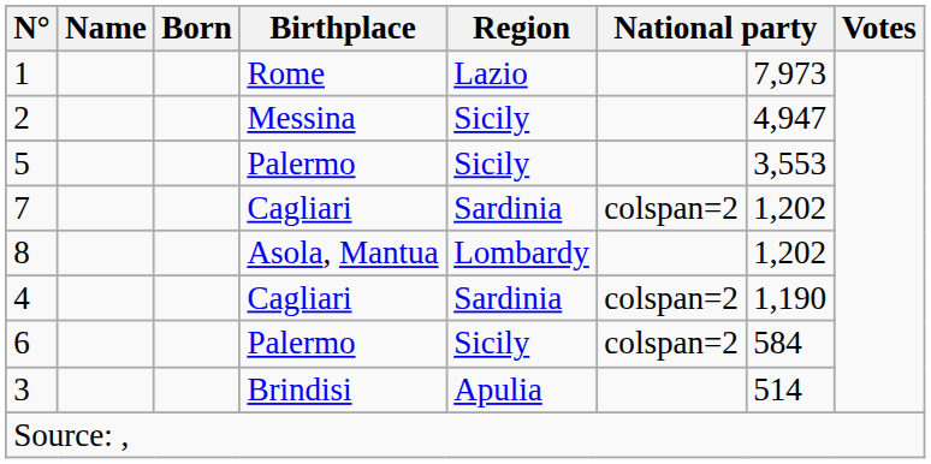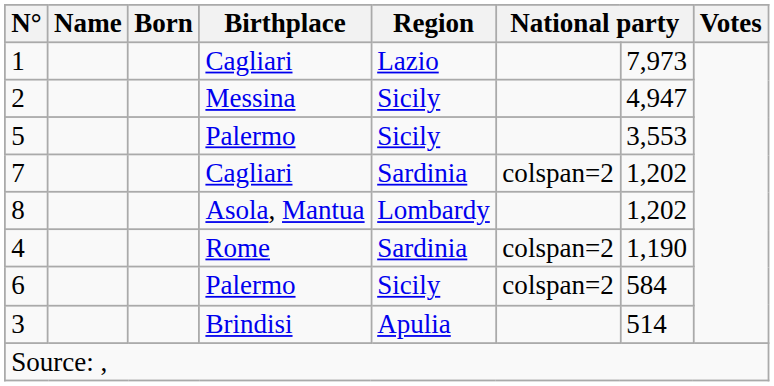 <table class="wikitable sortable" style="font-size:95%;line-height:14px;">
 <tr>
 <th>N°</th>
 <th>Name</th>
 <th>Born</th>
 <th>Birthplace</th>
 <th>Region</th>
 <th colspan="2">National party</th>
 <th>Votes</th>
 </tr>
 <tr>
 <td>1</td>
 <td></td>
 <td></td>
-<td><a href='#'>Rome</a></td>
+<td><a href='#'>Cagliari</a></td>
 <td><a href='#'>Lazio</a></td>
 <td></td>
 <td>7,973</td>
 </tr>
 <tr>
 <td>2</td>
 <td></td>
 <td></td>
 <td><a href='#'>Messina</a></td>
 <td><a href='#'>Sicily</a></td>
 <td></td>
 <td>4,947</td>
 </tr>
 <tr>
 <td>5</td>
 <td></td>
 <td></td>
 <td><a href='#'>Palermo</a></td>
 <td><a href='#'>Sicily</a></td>
 <td></td>
 <td>3,553</td>
 </tr>
 <tr>
 <td>7</td>
 <td></td>
 <td></td>
 <td><a href='#'>Cagliari</a></td>
 <td><a href='#'>Sardinia</a></td>
 <td>colspan=2 </td>
 <td>1,202</td>
 </tr>
 <tr>
 <td>8</td>
 <td></td>
 <td></td>
 <td><a href='#'>Asola</a>, <a href='#'>Mantua</a></td>
 <td><a href='#'>Lombardy</a></td>
 <td></td>
 <td>1,202</td>
 </tr>
 <tr>
 <td>4</td>
 <td></td>
 <td></td>
-<td><a href='#'>Cagliari</a></td>
+<td><a href='#'>Rome</a></td>
 <td><a href='#'>Sardinia</a></td>
 <td>colspan=2 </td>
 <td>1,190</td>
 </tr>
 <tr>
 <td>6</td>
 <td></td>
 <td></td>
 <td><a href='#'>Palermo</a></td>
 <td><a href='#'>Sicily</a></td>
 <td>colspan=2 </td>
 <td>584</td>
 </tr>
 <tr>
 <td>3</td>
 <td></td>
 <td></td>
 <td><a href='#'>Brindisi</a></td>
 <td><a href='#'>Apulia</a></td>
 <td></td>
 <td>514</td>
 </tr>
 <tr>
 <td colspan="8">Source: , </td>
 </tr>
 </table>
